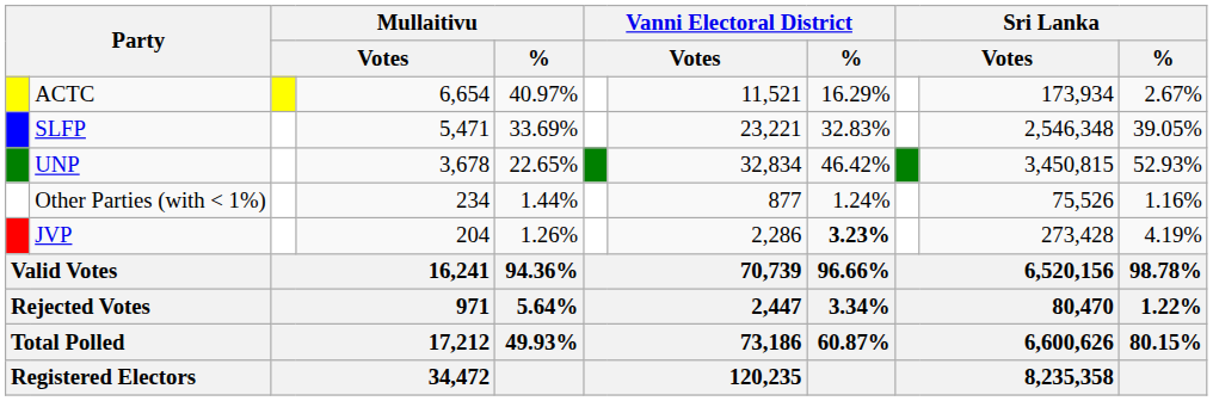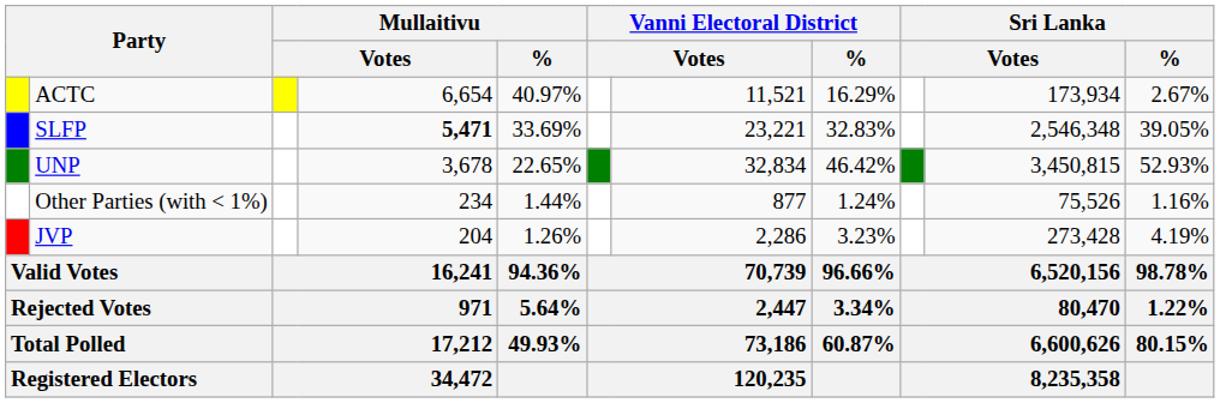 <table class="wikitable">
 <tr>
 <th colspan="2" width="144px"rowspan="2">Party</th>
 <th colspan="3" width="216px">Mullaitivu</th>
 <th colspan="3" width="216px"><a href='#'>Vanni Electoral District</a></th>
 <th colspan="3" width="216px">Sri Lanka</th>
 </tr>
 <tr>
 <th colspan="2" width="144px">Votes</th>
 <th>%</th>
 <th colspan="2" width="144px">Votes</th>
 <th>%</th>
 <th colspan="2" width="144px">Votes</th>
 <th>%</th>
 </tr>
 <tr>
 <td style="background-color:yellow;" width="10px"></td>
 <td style="text-align:left;">ACTC</td>
 <td style="background-color:yellow;" width="10px"></td>
 <td style="text-align:right;">6,654</td>
 <td style="text-align:right;">40.97%</td>
 <td style="background-color:white;" width="10px"></td>
 <td style="text-align:right;">11,521</td>
 <td style="text-align:right;">16.29%</td>
 <td style="background-color:white;" width="10px"></td>
 <td style="text-align:right;">173,934</td>
 <td style="text-align:right;">2.67%</td>
 </tr>
 <tr>
 <td style="background-color:blue;" width="10px"></td>
 <td style="text-align:left;"><a href='#'>SLFP</a></td>
 <td style="background-color:white;" width="10px"></td>
-<td style="text-align:right;">5,471</td>
+<td style="text-align:right;"><strong>5,471</strong></td>
 <td style="text-align:right;">33.69%</td>
 <td style="background-color:white;" width="10px"></td>
 <td style="text-align:right;">23,221</td>
 <td style="text-align:right;">32.83%</td>
 <td style="background-color:white;" width="10px"></td>
 <td style="text-align:right;">2,546,348</td>
 <td style="text-align:right;">39.05%</td>
 </tr>
 <tr>
 <td style="background-color:green;" width="10px"></td>
 <td style="text-align:left;"><a href='#'>UNP</a></td>
 <td style="background-color:white;" width="10px"></td>
 <td style="text-align:right;">3,678</td>
 <td style="text-align:right;">22.65%</td>
 <td style="background-color:green;" width="10px"></td>
 <td style="text-align:right;">32,834</td>
 <td style="text-align:right;">46.42%</td>
 <td style="background-color:green;" width="10px"></td>
 <td style="text-align:right;">3,450,815</td>
 <td style="text-align:right;">52.93%</td>
 </tr>
 <tr>
 <td style="background-color:white;" width="10px"></td>
 <td style="text-align:left;">Other Parties (with < 1%)</td>
 <td style="background-color:white;" width="10px"></td>
 <td style="text-align:right;">234</td>
 <td style="text-align:right;">1.44%</td>
 <td style="background-color:white;" width="10px"></td>
 <td style="text-align:right;">877</td>
 <td style="text-align:right;">1.24%</td>
 <td style="background-color:white;" width="10px"></td>
 <td style="text-align:right;">75,526</td>
 <td style="text-align:right;">1.16%</td>
 </tr>
 <tr>
 <td style="background-color:red;" width="10px"></td>
 <td style="text-align:left;"><a href='#'>JVP</a></td>
 <td style="background-color:white;" width="10px"></td>
 <td style="text-align:right;">204</td>
 <td style="text-align:right;">1.26%</td>
 <td style="background-color:white;" width="10px"></td>
 <td style="text-align:right;">2,286</td>
-<td style="text-align:right;"><strong>3.23%</strong></td>
+<td style="text-align:right;">3.23%</td>
 <td style="background-color:white;" width="10px"></td>
 <td style="text-align:right;">273,428</td>
 <td style="text-align:right;">4.19%</td>
 </tr>
 <tr>
 <th colspan="2" width="144px"style="text-align:left;">Valid Votes</th>
 <th style="text-align:right;"colspan="2" width="144px">16,241</th>
 <th style="text-align:right;">94.36%</th>
 <th style="text-align:right;"colspan="2" width="144px">70,739</th>
 <th style="text-align:right;">96.66%</th>
 <th style="text-align:right;"colspan="2" width="144px">6,520,156</th>
 <th style="text-align:right;">98.78%</th>
 </tr>
 <tr>
 <th colspan="2" width="144px"style="text-align:left;">Rejected Votes</th>
 <th style="text-align:right;"colspan="2" width="144px">971</th>
 <th style="text-align:right;">5.64%</th>
 <th style="text-align:right;"colspan="2" width="144px">2,447</th>
 <th style="text-align:right;">3.34%</th>
 <th style="text-align:right;"colspan="2" width="144px">80,470</th>
 <th style="text-align:right;">1.22%</th>
 </tr>
 <tr>
 <th colspan="2" width="144px"style="text-align:left;">Total Polled</th>
 <th style="text-align:right;"colspan="2" width="144px">17,212</th>
 <th style="text-align:right;">49.93%</th>
 <th style="text-align:right;"colspan="2" width="144px">73,186</th>
 <th style="text-align:right;">60.87%</th>
 <th style="text-align:right;"colspan="2" width="144px">6,600,626</th>
 <th style="text-align:right;">80.15%</th>
 </tr>
 <tr>
 <th colspan="2" width="144px"style="text-align:left;">Registered Electors</th>
 <th style="text-align:right;"colspan="2" width="144px">34,472</th>
 <th></th>
 <th style="text-align:right;"colspan="2" width="144px">120,235</th>
 <th></th>
 <th style="text-align:right;"colspan="2" width="144px">8,235,358</th>
 <th></th>
 </tr>
 </table>
